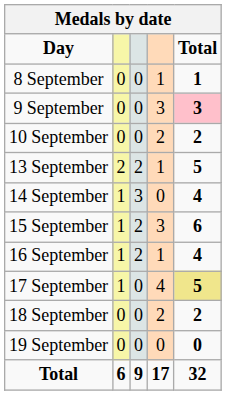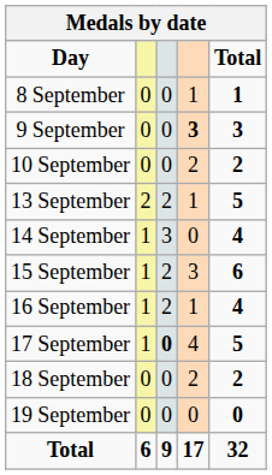 <table class="wikitable" style="font-size:85%; text-align:center;">
 <tr style="background:#efefef;">
 <th colspan=6><strong>Medals by date</strong></th>
 </tr>
 <tr>
 <td><strong>Day</strong></td>
 <td style="background:#F7F6A8;"></td>
 <td style="background:#DCE5E5;"></td>
 <td style="background:#FFDAB9;"></td>
 <td><strong>Total</strong></td>
 </tr>
 <tr>
 <td>8 September</td>
 <td style="background:#F7F6A8;">0</td>
 <td style="background:#DCE5E5;">0</td>
 <td style="background:#FFDAB9;">1</td>
 <td><strong>1</strong></td>
 </tr>
 <tr>
 <td>9 September</td>
 <td style="background:#F7F6A8;">0</td>
 <td style="background:#DCE5E5;">0</td>
-<td style="background:#FFDAB9;">3</td>
-<td style="background: pink;"><strong>3</strong></td>
+<td style="background:#FFDAB9;"><strong>3</strong></td>
+<td><strong>3</strong></td>
 </tr>
 <tr>
 <td>10 September</td>
 <td style="background:#F7F6A8;">0</td>
 <td style="background:#DCE5E5;">0</td>
 <td style="background:#FFDAB9;">2</td>
 <td><strong>2</strong></td>
 </tr>
 <tr>
 <td>13 September</td>
 <td style="background:#F7F6A8;">2</td>
 <td style="background:#DCE5E5;">2</td>
 <td style="background:#FFDAB9;">1</td>
 <td><strong>5</strong></td>
 </tr>
 <tr>
 <td>14 September</td>
 <td style="background:#F7F6A8;">1</td>
 <td style="background:#DCE5E5;">3</td>
 <td style="background:#FFDAB9;">0</td>
 <td><strong>4</strong></td>
 </tr>
 <tr>
 <td>15 September</td>
 <td style="background:#F7F6A8;">1</td>
 <td style="background:#DCE5E5;">2</td>
 <td style="background:#FFDAB9;">3</td>
 <td><strong>6</strong></td>
 </tr>
 <tr>
 <td>16 September</td>
 <td style="background:#F7F6A8;">1</td>
 <td style="background:#DCE5E5;">2</td>
 <td style="background:#FFDAB9;">1</td>
 <td><strong>4</strong></td>
 </tr>
 <tr>
 <td>17 September</td>
 <td style="background:#F7F6A8;">1</td>
-<td style="background:#DCE5E5;">0</td>
+<td style="background:#DCE5E5;"><strong>0</strong></td>
 <td style="background:#FFDAB9;">4</td>
-<td style="background: khaki;"><strong>5</strong></td>
+<td><strong>5</strong></td>
 </tr>
 <tr>
 <td>18 September</td>
 <td style="background:#F7F6A8;">0</td>
 <td style="background:#DCE5E5;">0</td>
 <td style="background:#FFDAB9;">2</td>
 <td><strong>2</strong></td>
 </tr>
 <tr>
 <td>19 September</td>
 <td style="background:#F7F6A8;">0</td>
 <td style="background:#DCE5E5;">0</td>
 <td style="background:#FFDAB9;">0</td>
 <td><strong>0</strong></td>
 </tr>
 <tr>
 <td><strong>Total</strong></td>
 <td><strong>6</strong></td>
 <td><strong>9</strong></td>
 <td><strong>17</strong></td>
 <td><strong>32</strong></td>
 </tr>
 </table>
